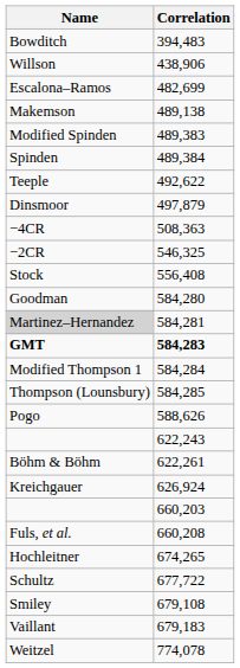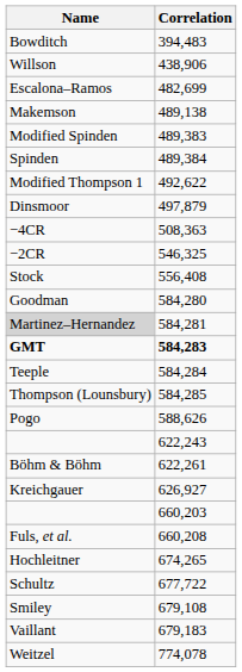 <table class="wikitable" align=left style="margin-left: 1.5em">
 <tr>
 <th>Name</th>
 <th>Correlation</th>
 </tr>
 <tr>
 <td>Bowditch</td>
 <td>394,483</td>
 </tr>
 <tr>
 <td>Willson</td>
 <td>438,906</td>
 </tr>
 <tr>
 <td>Escalona–Ramos</td>
 <td>482,699</td>
 </tr>
 <tr>
 <td>Makemson</td>
 <td>489,138</td>
 </tr>
 <tr>
 <td>Modified Spinden</td>
 <td>489,383</td>
 </tr>
 <tr>
 <td>Spinden</td>
 <td>489,384</td>
 </tr>
 <tr>
-<td>Teeple</td>
+<td>Modified Thompson 1</td>
 <td>492,622</td>
 </tr>
 <tr>
 <td>Dinsmoor</td>
 <td>497,879</td>
 </tr>
 <tr>
 <td>−4CR</td>
 <td>508,363</td>
 </tr>
 <tr>
 <td>−2CR</td>
 <td>546,325</td>
 </tr>
 <tr>
 <td>Stock</td>
 <td>556,408</td>
 </tr>
 <tr>
 <td>Goodman</td>
 <td>584,280</td>
 </tr>
 <tr>
 <td style="background: lightgrey;">Martinez–Hernandez</td>
 <td>584,281</td>
 </tr>
 <tr>
 <td><strong>GMT</strong></td>
 <td><strong>584,283</strong></td>
 </tr>
 <tr>
-<td>Modified Thompson 1</td>
+<td>Teeple</td>
 <td>584,284</td>
 </tr>
 <tr>
 <td>Thompson (Lounsbury)</td>
 <td>584,285</td>
 </tr>
 <tr>
 <td>Pogo</td>
 <td>588,626</td>
 </tr>
 <tr>
 <td></td>
 <td>622,243</td>
 </tr>
 <tr>
 <td>Böhm & Böhm</td>
 <td>622,261</td>
 </tr>
 <tr>
 <td>Kreichgauer</td>
-<td>626,924</td>
+<td>626,927</td>
 </tr>
 <tr>
 <td></td>
 <td>660,203</td>
 </tr>
 <tr>
 <td>Fuls, <em>et al.</em></td>
 <td>660,208</td>
 </tr>
 <tr>
 <td>Hochleitner</td>
 <td>674,265</td>
 </tr>
 <tr>
 <td>Schultz</td>
 <td>677,722</td>
 </tr>
 <tr>
 <td>Smiley</td>
 <td>679,108</td>
 </tr>
 <tr>
 <td>Vaillant</td>
 <td>679,183</td>
 </tr>
 <tr>
 <td>Weitzel</td>
 <td>774,078</td>
 </tr>
 </table>
